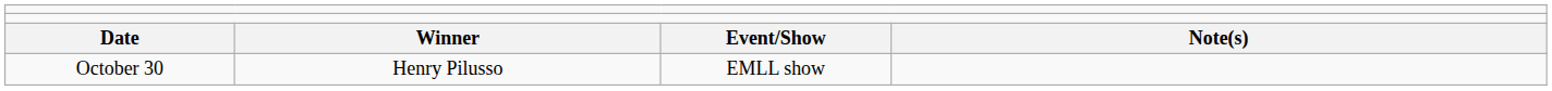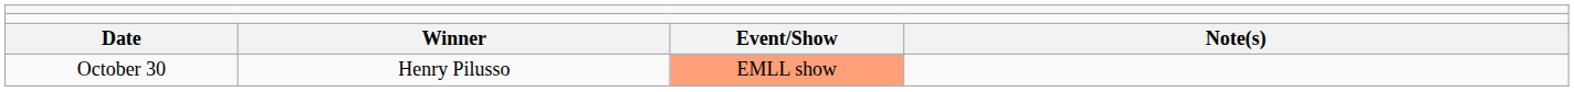 <table class="wikitable" style="text-align:center; width:100%;">
 <tr>
 <td colspan=5></td>
 </tr>
 <tr>
 <td colspan=5><strong></strong></td>
 </tr>
 <tr>
 <th width=14%>Date</th>
 <th width=26%>Winner</th>
 <th width=14%>Event/Show</th>
 <th width=40%>Note(s)</th>
 </tr>
 <tr>
 <td>October 30</td>
 <td>Henry Pilusso</td>
-<td>EMLL show</td>
+<td style="background: lightsalmon;">EMLL show</td>
 <td align=left></td>
 </tr>
 </table>
